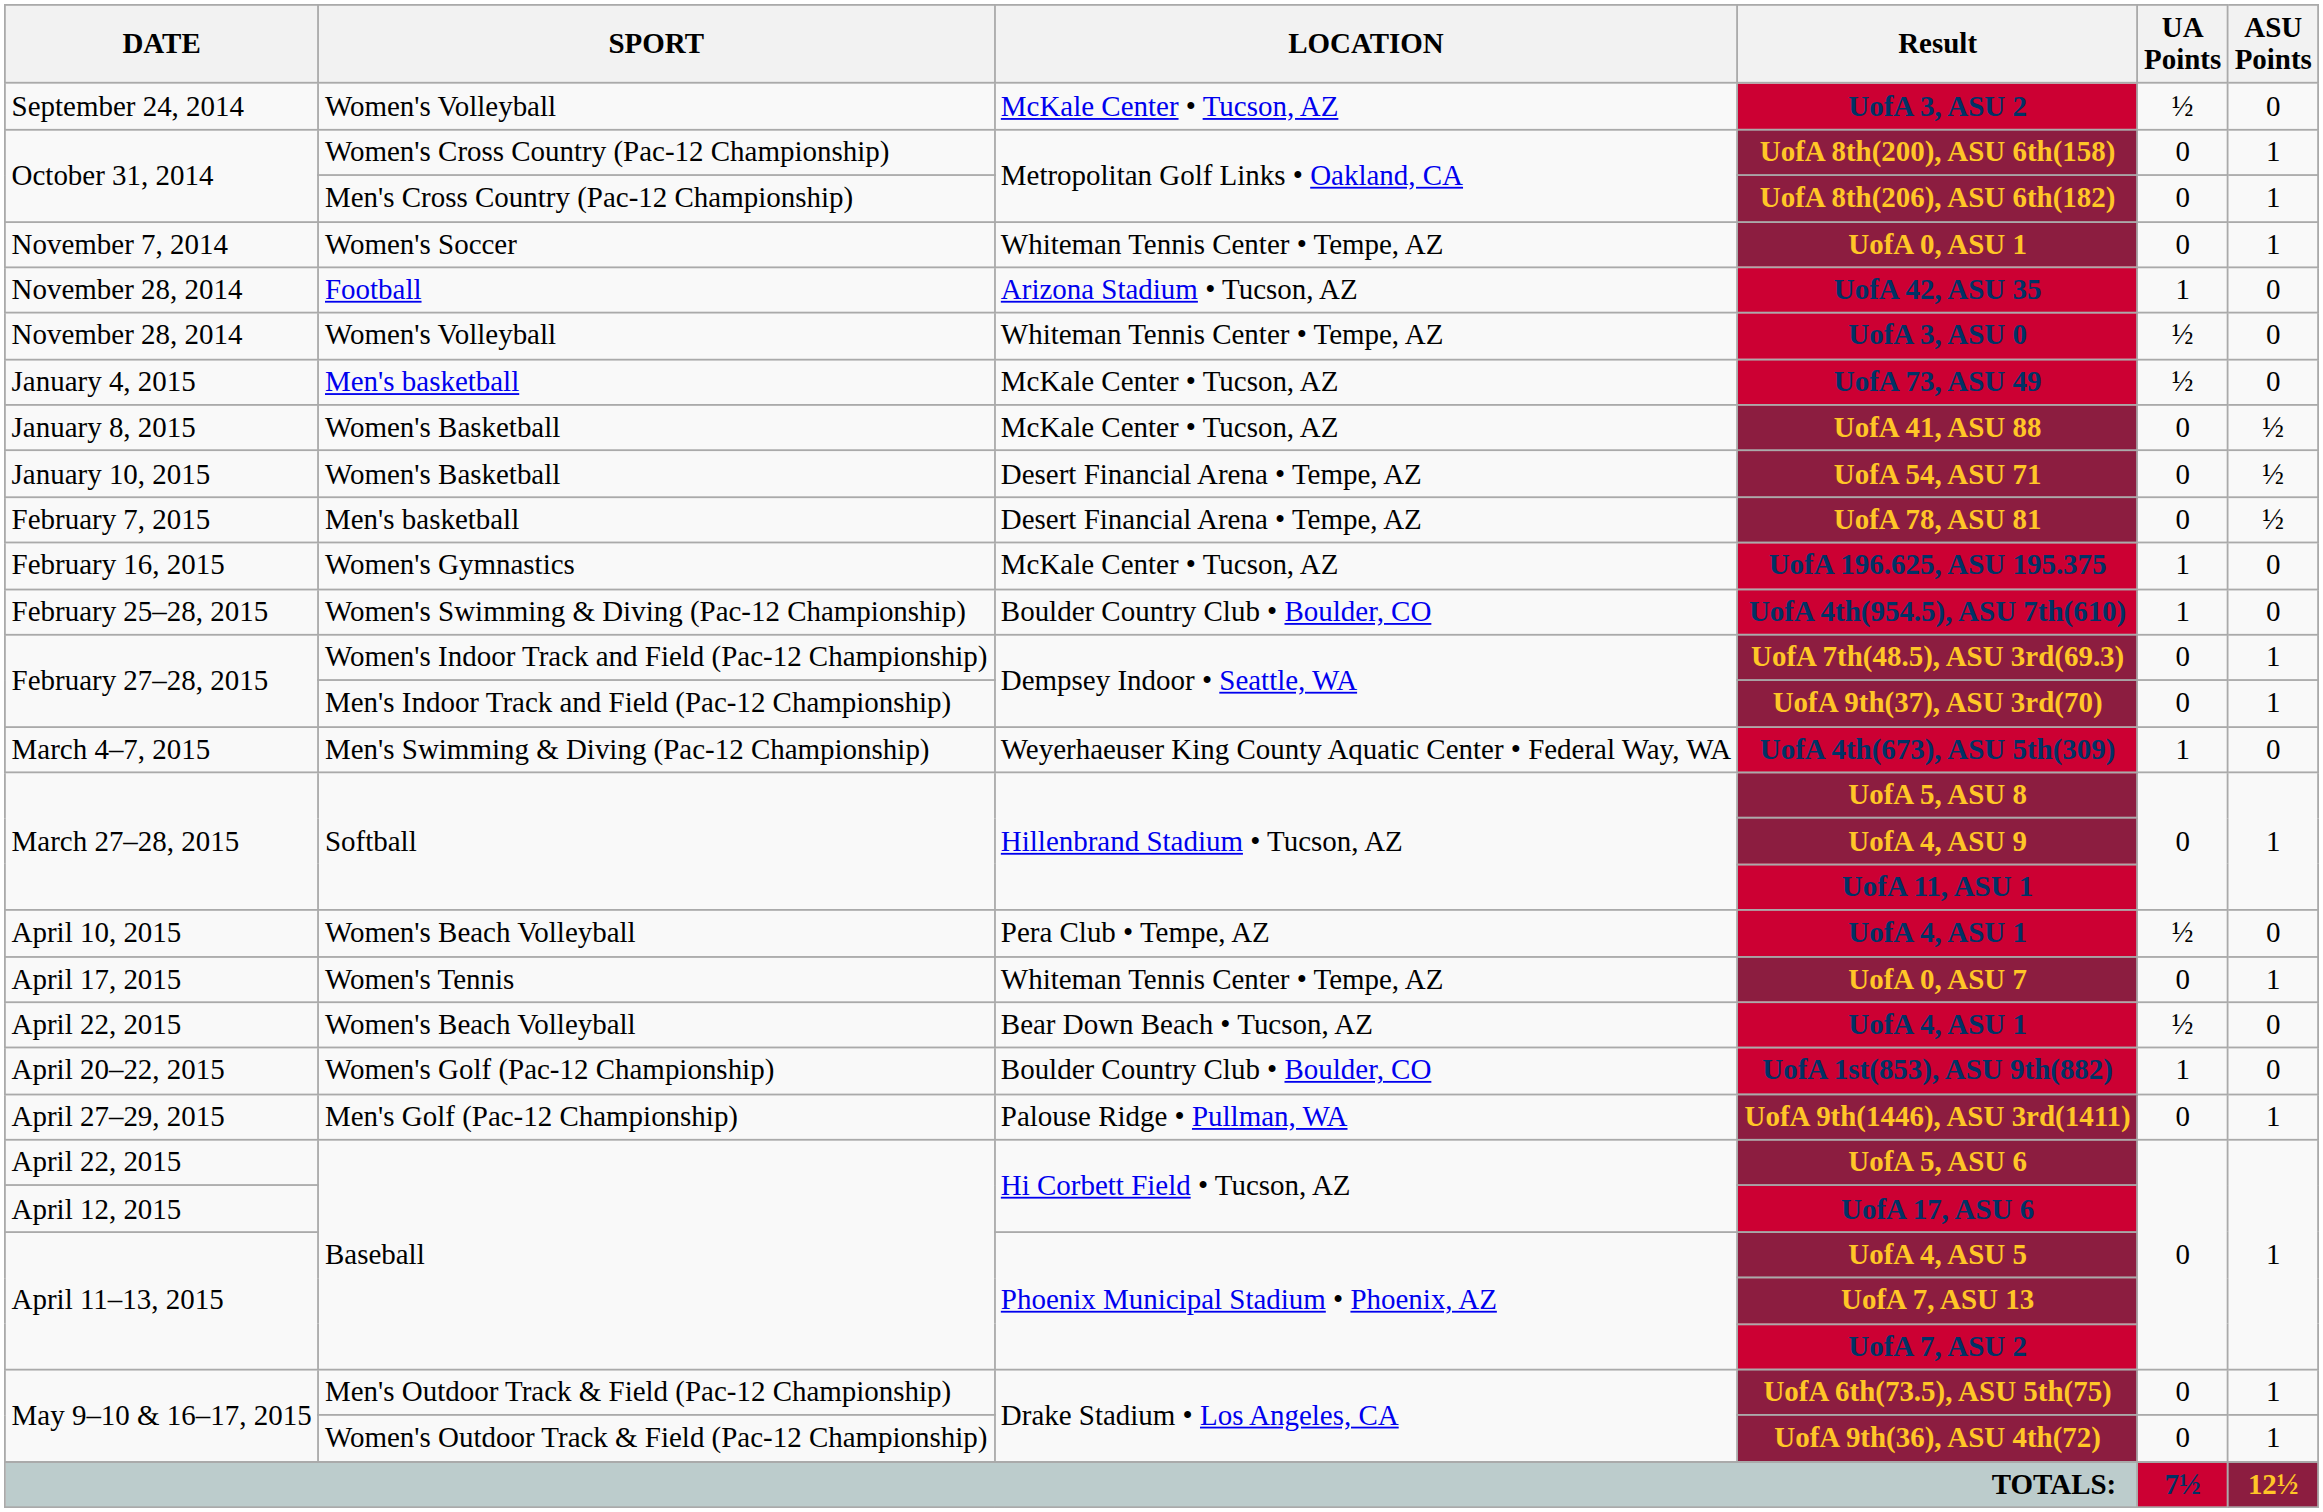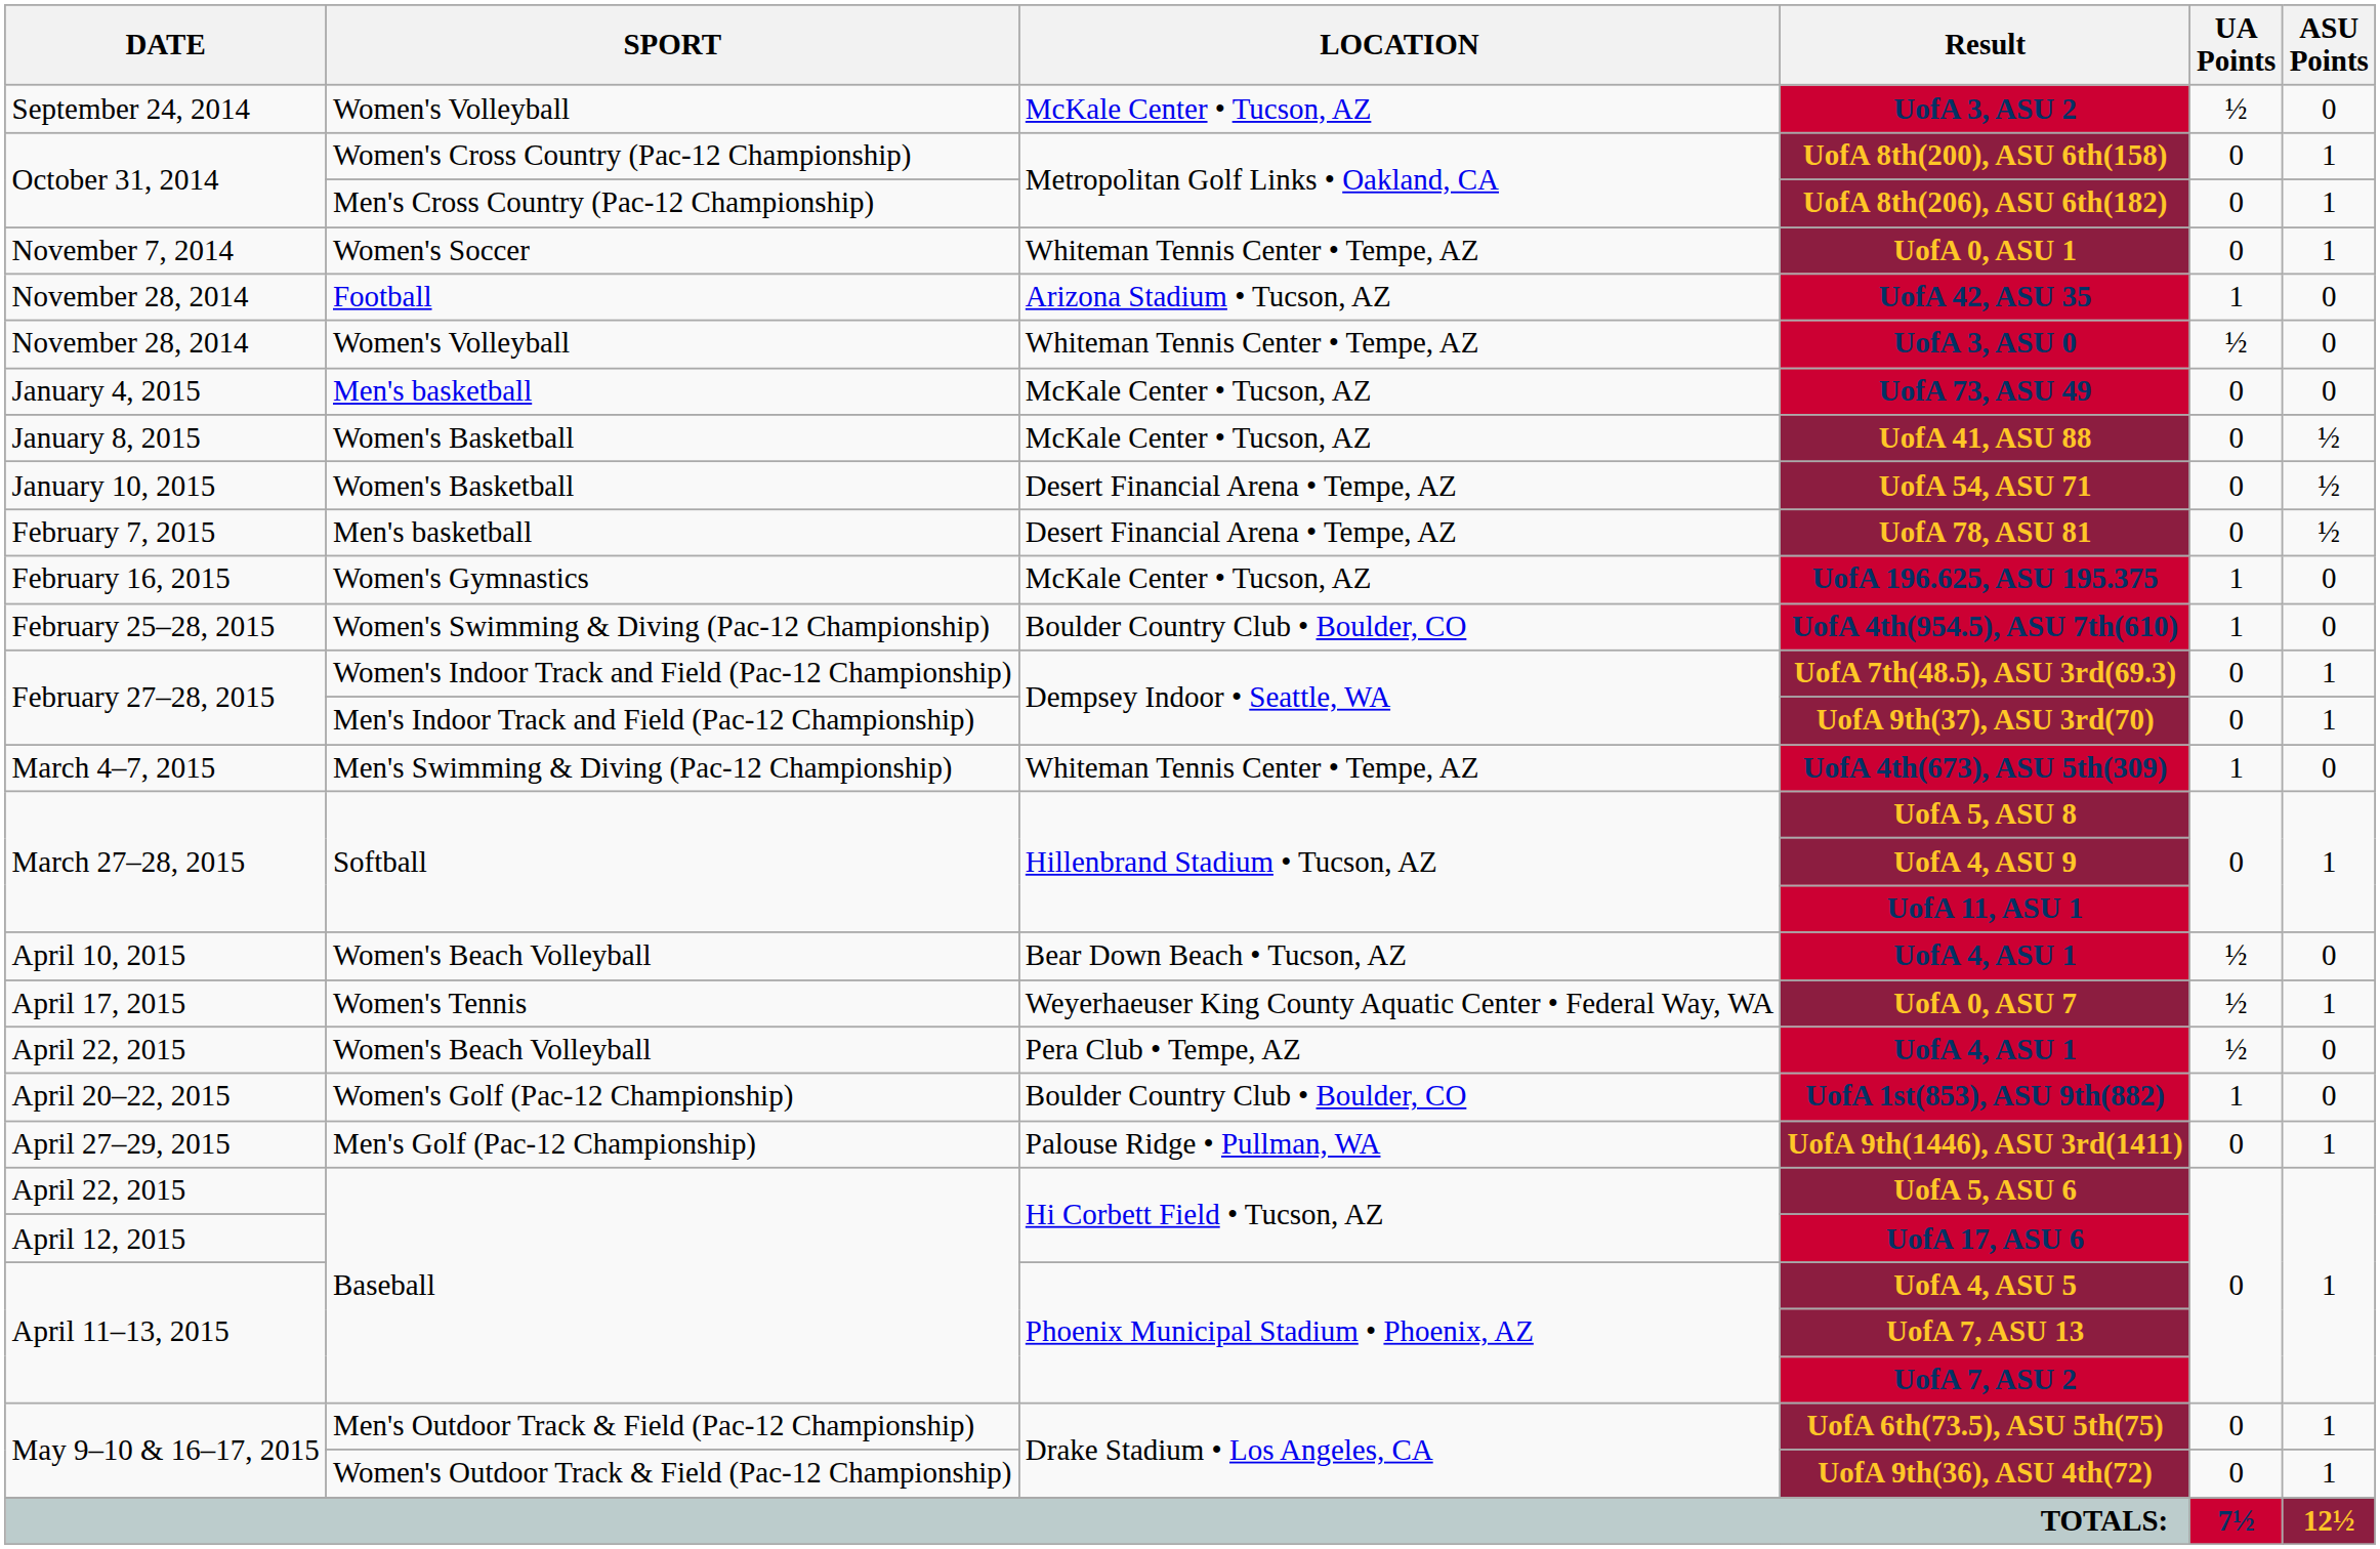 <table class=wikitable>
 <tr>
 <th>DATE</th>
 <th>SPORT</th>
 <th>LOCATION</th>
 <th>Result</th>
 <th>UA<br>Points</th>
 <th>ASU<br>Points</th>
 </tr>
 <tr>
 <td>September 24, 2014</td>
 <td>Women's Volleyball</td>
 <td><a href='#'>McKale Center</a> • <a href='#'>Tucson, AZ</a></td>
 <th style="background:#CC0033; color:#003366;">UofA 3, ASU 2</th>
 <td align="center">½</td>
 <td align="center">0</td>
 </tr>
 <tr>
 <td rowspan=2>October 31, 2014</td>
 <td>Women's Cross Country (Pac-12 Championship)</td>
 <td rowspan=2>Metropolitan Golf Links • <a href='#'>Oakland, CA</a></td>
 <th style="background:#8C1D40; color:#FFC627;">UofA 8th(200), ASU 6th(158)</th>
 <td align="center">0</td>
 <td align="center">1</td>
 </tr>
 <tr>
 <td>Men's Cross Country (Pac-12 Championship)</td>
 <th style="background:#8C1D40; color:#FFC627;">UofA 8th(206), ASU 6th(182)</th>
 <td align="center">0</td>
 <td align="center">1</td>
 </tr>
 <tr>
 <td>November 7, 2014</td>
 <td>Women's Soccer</td>
 <td>Whiteman Tennis Center • Tempe, AZ</td>
 <th style="background:#8C1D40; color:#FFC627;">UofA 0, ASU 1</th>
 <td align="center">0</td>
 <td align="center">1</td>
 </tr>
 <tr>
 <td>November 28, 2014</td>
 <td><a href='#'>Football</a></td>
 <td><a href='#'>Arizona Stadium</a> • Tucson, AZ</td>
 <th style="background:#CC0033; color:#003366;">UofA 42, ASU 35</th>
 <td align="center">1</td>
 <td align="center">0</td>
 </tr>
 <tr>
 <td>November 28, 2014</td>
 <td>Women's Volleyball</td>
 <td>Whiteman Tennis Center • Tempe, AZ</td>
 <th style="background:#CC0033; color:#003366;">UofA 3, ASU 0</th>
 <td align="center">½</td>
 <td align="center">0</td>
 </tr>
 <tr>
 <td>January 4, 2015</td>
 <td><a href='#'>Men's basketball</a></td>
 <td>McKale Center • Tucson, AZ</td>
 <th style="background:#CC0033; color:#003366;">UofA 73, ASU 49</th>
-<td align="center">½</td>
+<td align="center">0</td>
 <td align="center">0</td>
 </tr>
 <tr>
 <td>January 8, 2015</td>
 <td>Women's Basketball</td>
 <td>McKale Center • Tucson, AZ</td>
 <th style="background:#8C1D40; color:#FFC627;">UofA 41, ASU 88</th>
 <td align="center">0</td>
 <td align="center">½</td>
 </tr>
 <tr>
 <td>January 10, 2015</td>
 <td>Women's Basketball</td>
 <td>Desert Financial Arena • Tempe, AZ</td>
 <th style="background:#8C1D40; color:#FFC627;">UofA 54, ASU 71</th>
 <td align="center">0</td>
 <td align="center">½</td>
 </tr>
 <tr>
 <td>February 7, 2015</td>
 <td>Men's basketball</td>
 <td>Desert Financial Arena • Tempe, AZ</td>
 <th style="background:#8C1D40; color:#FFC627;">UofA 78, ASU 81</th>
 <td align="center">0</td>
 <td align="center">½</td>
 </tr>
 <tr>
 <td>February 16, 2015</td>
 <td>Women's Gymnastics</td>
 <td>McKale Center • Tucson, AZ</td>
 <th style="background:#CC0033; color:#003366;">UofA 196.625, ASU 195.375</th>
 <td align="center">1</td>
 <td align="center">0</td>
 </tr>
 <tr>
 <td>February 25–28, 2015</td>
 <td>Women's Swimming & Diving (Pac-12 Championship)</td>
 <td>Boulder Country Club • <a href='#'>Boulder, CO</a></td>
 <th style="background:#CC0033; color:#003366;">UofA 4th(954.5), ASU 7th(610)</th>
 <td align="center">1</td>
 <td align="center">0</td>
 </tr>
 <tr>
 <td rowspan=2>February 27–28, 2015</td>
 <td>Women's Indoor Track and Field (Pac-12 Championship)</td>
 <td rowspan=2>Dempsey Indoor • <a href='#'>Seattle, WA</a></td>
 <th style="background:#8C1D40; color:#FFC627;">UofA 7th(48.5), ASU 3rd(69.3)</th>
 <td align="center">0</td>
 <td align="center">1</td>
 </tr>
 <tr>
 <td>Men's Indoor Track and Field (Pac-12 Championship)</td>
 <th style="background:#8C1D40; color:#FFC627;">UofA 9th(37), ASU 3rd(70)</th>
 <td align="center">0</td>
 <td align="center">1</td>
 </tr>
 <tr>
 <td>March 4–7, 2015</td>
 <td>Men's Swimming & Diving (Pac-12 Championship)</td>
-<td>Weyerhaeuser King County Aquatic Center • Federal Way, WA</td>
+<td>Whiteman Tennis Center • Tempe, AZ</td>
 <th style="background:#CC0033; color:#003366;">UofA 4th(673), ASU 5th(309)</th>
 <td align="center">1</td>
 <td align="center">0</td>
 </tr>
 <tr>
 <td rowspan="3">March 27–28, 2015</td>
 <td rowspan="3">Softball</td>
 <td rowspan="3"><a href='#'>Hillenbrand Stadium</a> • Tucson, AZ</td>
 <th style="background:#8C1D40; color:#FFC627;">UofA 5, ASU 8</th>
 <td rowspan="3" align="center">0</td>
 <td rowspan="3" align="center">1</td>
 </tr>
 <tr>
 <th style="background:#8C1D40; color:#FFC627;">UofA 4, ASU 9</th>
 </tr>
 <tr>
 <th style="background:#CC0033; color:#003366;">UofA 11, ASU 1</th>
 </tr>
 <tr>
 <td>April 10, 2015</td>
 <td>Women's Beach Volleyball</td>
-<td>Pera Club • Tempe, AZ</td>
+<td>Bear Down Beach • Tucson, AZ</td>
 <th style="background:#CC0033; color:#003366;">UofA 4, ASU 1</th>
 <td align="center">½</td>
 <td align="center">0</td>
 </tr>
 <tr>
 <td>April 17, 2015</td>
 <td>Women's Tennis</td>
-<td>Whiteman Tennis Center • Tempe, AZ</td>
+<td>Weyerhaeuser King County Aquatic Center • Federal Way, WA</td>
 <th style="background:#8C1D40; color:#FFC627;">UofA 0, ASU 7</th>
-<td align="center">0</td>
+<td align="center">½</td>
 <td align="center">1</td>
 </tr>
 <tr>
 <td>April 22, 2015</td>
 <td>Women's Beach Volleyball</td>
-<td>Bear Down Beach • Tucson, AZ</td>
+<td>Pera Club • Tempe, AZ</td>
 <th style="background:#CC0033; color:#003366;">UofA 4, ASU 1</th>
 <td align="center">½</td>
 <td align="center">0</td>
 </tr>
 <tr>
 <td>April 20–22, 2015</td>
 <td>Women's Golf (Pac-12 Championship)</td>
 <td>Boulder Country Club • <a href='#'>Boulder, CO</a></td>
 <th style="background:#CC0033; color:#003366;">UofA 1st(853), ASU 9th(882)</th>
 <td align="center">1</td>
 <td align="center">0</td>
 </tr>
 <tr>
 <td>April 27–29, 2015</td>
 <td>Men's Golf (Pac-12 Championship)</td>
 <td>Palouse Ridge • <a href='#'>Pullman, WA</a></td>
 <th style="background:#8C1D40; color:#FFC627;">UofA 9th(1446), ASU 3rd(1411)</th>
 <td align="center">0</td>
 <td align="center">1</td>
 </tr>
 <tr>
 <td>April 22, 2015</td>
 <td rowspan="5">Baseball</td>
 <td rowspan="2"><a href='#'>Hi Corbett Field</a> • Tucson, AZ</td>
 <th style="background:#8C1D40; color:#FFC627;">UofA 5, ASU 6</th>
 <td rowspan="5" align="center">0</td>
 <td rowspan="5" align="center">1</td>
 </tr>
 <tr>
 <td>April 12, 2015</td>
 <th style="background:#CC0033; color:#003366;">UofA 17, ASU 6</th>
 </tr>
 <tr>
 <td rowspan="3">April 11–13, 2015</td>
 <td rowspan="3"><a href='#'>Phoenix Municipal Stadium</a> • <a href='#'>Phoenix, AZ</a></td>
 <th style="background:#8C1D40; color:#FFC627;">UofA 4, ASU 5</th>
 </tr>
 <tr>
 <th style="background:#8C1D40; color:#FFC627;">UofA 7, ASU 13</th>
 </tr>
 <tr>
 <th style="background:#CC0033; color:#003366;">UofA 7, ASU 2</th>
 </tr>
 <tr>
 <td rowspan=2>May 9–10 & 16–17, 2015</td>
 <td>Men's Outdoor Track & Field (Pac-12 Championship)</td>
 <td rowspan=2>Drake Stadium • <a href='#'>Los Angeles, CA</a></td>
 <th style="background:#8C1D40; color:#FFC627;">UofA 6th(73.5), ASU 5th(75)</th>
 <td align="center">0</td>
 <td align="center">1</td>
 </tr>
 <tr>
 <td>Women's Outdoor Track & Field (Pac-12 Championship)</td>
 <th style="background:#8C1D40; color:#FFC627;">UofA 9th(36), ASU 4th(72)</th>
 <td align="center">0</td>
 <td align="center">1</td>
 </tr>
 <tr>
 </tr>
 <tr style="background:#bccccc;">
 <td colspan="4" style="text-align:right;"><strong>TOTALS:</strong>  </td>
 <th style="background:#CC0033; color:#003366;">7½</th>
 <th style="background:#8C1D40; color:#FFC627;">12½</th>
 </tr>
 </table>
